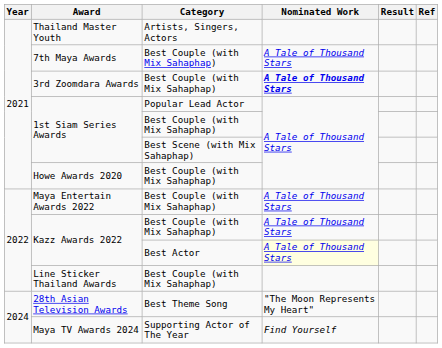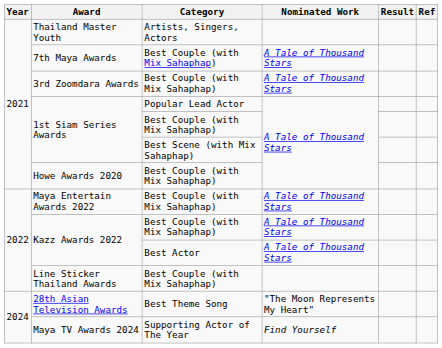 <table class="wikitable">
 <tr>
 <th>Year</th>
 <th>Award</th>
 <th>Category</th>
 <th>Nominated Work</th>
 <th>Result</th>
 <th>Ref</th>
 </tr>
 <tr>
 <td rowspan="7">2021</td>
 <td>Thailand Master Youth</td>
 <td>Artists, Singers, Actors</td>
 <td></td>
 <td></td>
 <td></td>
 </tr>
 <tr>
 <td>7th Maya Awards</td>
 <td>Best Couple (with <a href='#'>Mix Sahaphap</a>)</td>
 <td><em><a href='#'>A Tale of Thousand Stars</a></em></td>
 <td></td>
 <td></td>
 </tr>
 <tr>
 <td>3rd Zoomdara Awards</td>
 <td>Best Couple (with Mix Sahaphap)</td>
-<td><strong><em><a href='#'>A Tale of Thousand Stars</a></em></strong></td>
+<td><em><a href='#'>A Tale of Thousand Stars</a></em></td>
 <td></td>
 <td></td>
 </tr>
 <tr>
 <td rowspan="3">1st Siam Series Awards</td>
 <td>Popular Lead Actor</td>
 <td rowspan="4"><em><a href='#'>A Tale of Thousand Stars</a></em></td>
 <td></td>
 <td></td>
 </tr>
 <tr>
 <td>Best Couple (with Mix Sahaphap)</td>
 <td></td>
 <td></td>
 </tr>
 <tr>
 <td>Best Scene (with Mix Sahaphap)</td>
 <td></td>
 <td></td>
 </tr>
 <tr>
 <td>Howe Awards 2020</td>
 <td>Best Couple (with Mix Sahaphap)</td>
 <td></td>
 <td></td>
 </tr>
 <tr>
 <td rowspan="4">2022</td>
 <td>Maya Entertain Awards 2022</td>
 <td>Best Couple (with Mix Sahaphap)</td>
 <td><em><a href='#'>A Tale of Thousand Stars</a></em></td>
 <td></td>
 <td></td>
 </tr>
 <tr>
 <td rowspan="2">Kazz Awards 2022</td>
 <td>Best Couple (with Mix Sahaphap)</td>
 <td><em><a href='#'>A Tale of Thousand Stars</a></em></td>
 <td></td>
 <td></td>
 </tr>
 <tr>
 <td>Best Actor</td>
-<td style="background: lightyellow;"><em><a href='#'>A Tale of Thousand Stars</a></em></td>
+<td><em><a href='#'>A Tale of Thousand Stars</a></em></td>
 <td></td>
 <td></td>
 </tr>
 <tr>
 <td>Line Sticker Thailand Awards</td>
 <td>Best Couple (with Mix Sahaphap)</td>
 <td></td>
 <td></td>
 <td></td>
 </tr>
 <tr>
 <td rowspan="2">2024</td>
 <td><a href='#'>28th Asian Television Awards</a></td>
 <td>Best Theme Song</td>
 <td>"The Moon Represents My Heart"</td>
 <td></td>
 <td></td>
 </tr>
 <tr>
 <td>Maya TV Awards 2024</td>
 <td>Supporting Actor of The Year</td>
 <td><em>Find Yourself</em></td>
 <td></td>
 <td></td>
 </tr>
 </table>
